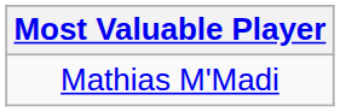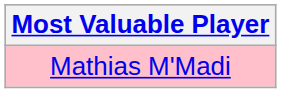 <table class=wikitable style="text-align:center; margin:auto">
 <tr>
 <th><a href='#'>Most Valuable Player</a></th>
 </tr>
 <tr>
-<td> <a href='#'>Mathias M'Madi</a></td>
+<td style="background: pink;"> <a href='#'>Mathias M'Madi</a></td>
 </tr>
 </table>
